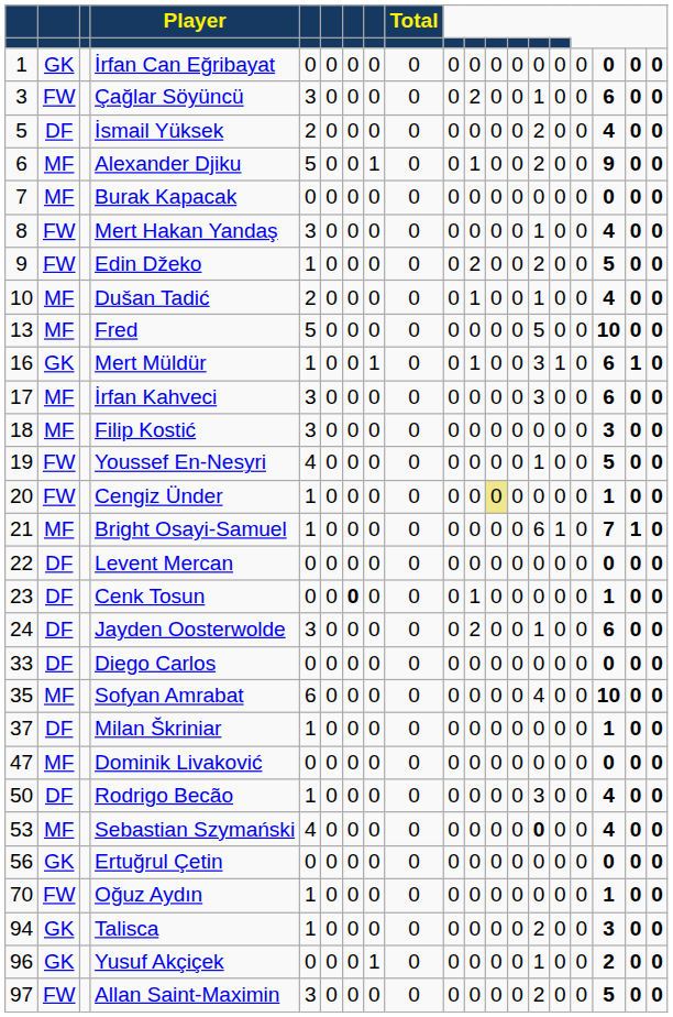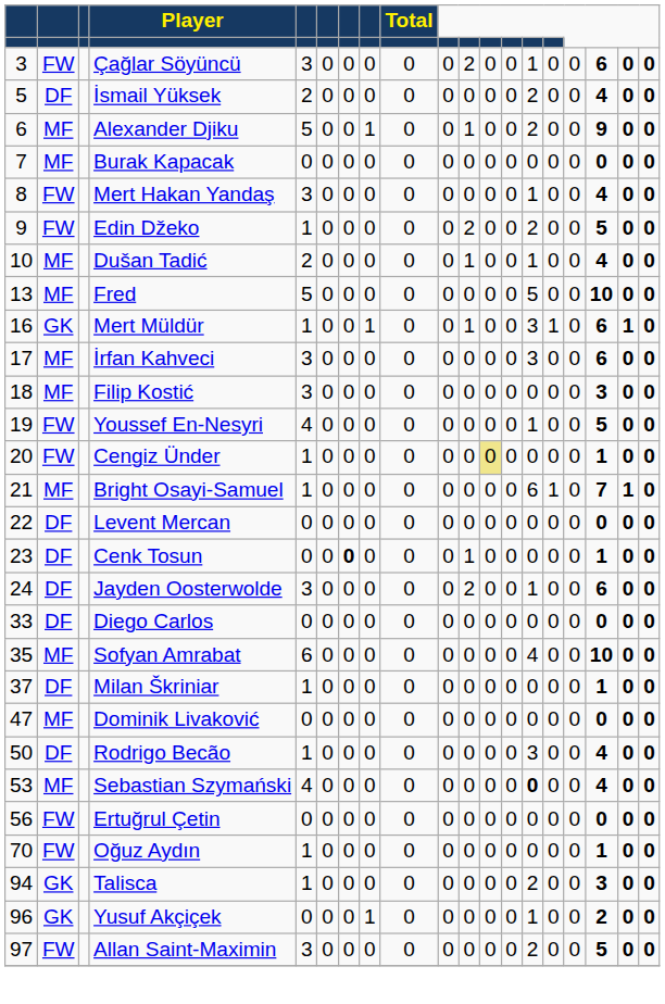 <table class="wikitable" style="text-align:center;">
 <tr>
 <th style="background:#163962; color:#FFF000; "></th>
 <th style="background:#163962; color:#FFF000; "></th>
 <th style="background:#163962; color:#FFF000; "></th>
 <th style="background:#163962; color:#FFF000; ">Player</th>
 <th style="background:#163962; color:#FFF000; "></th>
 <th style="background:#163962; color:#FFF000; "></th>
 <th style="background:#163962; color:#FFF000; "></th>
 <th style="background:#163962; color:#FFF000; "></th>
 <th style="background:#163962; color:#FFF000; ">Total</th>
 </tr>
 <tr>
 <th style="background:#163962; color:#FFF000; "></th>
 <th style="background:#163962; color:#FFF000; "></th>
 <th style="background:#163962; color:#FFF000; "></th>
 <th style="background:#163962; color:#FFF000; "></th>
 <th style="background:#163962; color:#FFF000; "></th>
 <th style="background:#163962; color:#FFF000; "></th>
 <th style="background:#163962; color:#FFF000; "></th>
 <th style="background:#163962; color:#FFF000; "></th>
 <th style="background:#163962; color:#FFF000; "></th>
 <th style="background:#163962; color:#FFF000; "></th>
 <th style="background:#163962; color:#FFF000; "></th>
 <th style="background:#163962; color:#FFF000; "></th>
 <th style="background:#163962; color:#FFF000; "></th>
 <th style="background:#163962; color:#FFF000; "></th>
 <th style="background:#163962; color:#FFF000; "></th>
-</tr>
-<tr>
-<td>1</td>
-<td><a href='#'>GK</a></td>
-<td></td>
-<td align=left><a href='#'>İrfan Can Eğribayat</a></td>
-<td>0</td>
-<td>0</td>
-<td>0</td>
-<td>0</td>
-<td>0</td>
-<td>0</td>
-<td>0</td>
-<td>0</td>
-<td>0</td>
-<td>0</td>
-<td>0</td>
-<td>0</td>
-<td><strong>0</strong></td>
-<td><strong>0</strong></td>
-<td><strong>0</strong></td>
 </tr>
 <tr>
 <td>3</td>
 <td><a href='#'>FW</a></td>
 <td></td>
 <td align=left><a href='#'>Çağlar Söyüncü</a></td>
 <td>3</td>
 <td>0</td>
 <td>0</td>
 <td>0</td>
 <td>0</td>
 <td>0</td>
 <td>2</td>
 <td>0</td>
 <td>0</td>
 <td>1</td>
 <td>0</td>
 <td>0</td>
 <td><strong>6</strong></td>
 <td><strong>0</strong></td>
 <td><strong>0</strong></td>
 </tr>
 <tr>
 <td>5</td>
 <td><a href='#'>DF</a></td>
 <td></td>
 <td align=left><a href='#'>İsmail Yüksek</a></td>
 <td>2</td>
 <td>0</td>
 <td>0</td>
 <td>0</td>
 <td>0</td>
 <td>0</td>
 <td>0</td>
 <td>0</td>
 <td>0</td>
 <td>2</td>
 <td>0</td>
 <td>0</td>
 <td><strong>4</strong></td>
 <td><strong>0</strong></td>
 <td><strong>0</strong></td>
 </tr>
 <tr>
 <td>6</td>
 <td><a href='#'>MF</a></td>
 <td></td>
 <td align=left><a href='#'>Alexander Djiku</a></td>
 <td>5</td>
 <td>0</td>
 <td>0</td>
 <td>1</td>
 <td>0</td>
 <td>0</td>
 <td>1</td>
 <td>0</td>
 <td>0</td>
 <td>2</td>
 <td>0</td>
 <td>0</td>
 <td><strong>9</strong></td>
 <td><strong>0</strong></td>
 <td><strong>0</strong></td>
 </tr>
 <tr>
 <td>7</td>
 <td><a href='#'>MF</a></td>
 <td></td>
 <td align=left><a href='#'>Burak Kapacak</a></td>
 <td>0</td>
 <td>0</td>
 <td>0</td>
 <td>0</td>
 <td>0</td>
 <td>0</td>
 <td>0</td>
 <td>0</td>
 <td>0</td>
 <td>0</td>
 <td>0</td>
 <td>0</td>
 <td><strong>0</strong></td>
 <td><strong>0</strong></td>
 <td><strong>0</strong></td>
 </tr>
 <tr>
 <td>8</td>
 <td><a href='#'>FW</a></td>
 <td></td>
 <td align=left><a href='#'>Mert Hakan Yandaş</a></td>
 <td>3</td>
 <td>0</td>
 <td>0</td>
 <td>0</td>
 <td>0</td>
 <td>0</td>
 <td>0</td>
 <td>0</td>
 <td>0</td>
 <td>1</td>
 <td>0</td>
 <td>0</td>
 <td><strong>4</strong></td>
 <td><strong>0</strong></td>
 <td><strong>0</strong></td>
 </tr>
 <tr>
 <td>9</td>
 <td><a href='#'>FW</a></td>
 <td></td>
 <td align=left><a href='#'>Edin Džeko</a></td>
 <td>1</td>
 <td>0</td>
 <td>0</td>
 <td>0</td>
 <td>0</td>
 <td>0</td>
 <td>2</td>
 <td>0</td>
 <td>0</td>
 <td>2</td>
 <td>0</td>
 <td>0</td>
 <td><strong>5</strong></td>
 <td><strong>0</strong></td>
 <td><strong>0</strong></td>
 </tr>
 <tr>
 <td>10</td>
 <td><a href='#'>MF</a></td>
 <td></td>
 <td align=left><a href='#'>Dušan Tadić</a></td>
 <td>2</td>
 <td>0</td>
 <td>0</td>
 <td>0</td>
 <td>0</td>
 <td>0</td>
 <td>1</td>
 <td>0</td>
 <td>0</td>
 <td>1</td>
 <td>0</td>
 <td>0</td>
 <td><strong>4</strong></td>
 <td><strong>0</strong></td>
 <td><strong>0</strong></td>
 </tr>
 <tr>
 <td>13</td>
 <td><a href='#'>MF</a></td>
 <td></td>
 <td align=left><a href='#'>Fred</a></td>
 <td>5</td>
 <td>0</td>
 <td>0</td>
 <td>0</td>
 <td>0</td>
 <td>0</td>
 <td>0</td>
 <td>0</td>
 <td>0</td>
 <td>5</td>
 <td>0</td>
 <td>0</td>
 <td><strong>10</strong></td>
 <td><strong>0</strong></td>
 <td><strong>0</strong></td>
 </tr>
 <tr>
 <td>16</td>
 <td><a href='#'>GK</a></td>
 <td></td>
 <td align=left><a href='#'>Mert Müldür</a></td>
 <td>1</td>
 <td>0</td>
 <td>0</td>
 <td>1</td>
 <td>0</td>
 <td>0</td>
 <td>1</td>
 <td>0</td>
 <td>0</td>
 <td>3</td>
 <td>1</td>
 <td>0</td>
 <td><strong>6</strong></td>
 <td><strong>1</strong></td>
 <td><strong>0</strong></td>
 </tr>
 <tr>
 <td>17</td>
 <td><a href='#'>MF</a></td>
 <td></td>
 <td align=left><a href='#'>İrfan Kahveci</a></td>
 <td>3</td>
 <td>0</td>
 <td>0</td>
 <td>0</td>
 <td>0</td>
 <td>0</td>
 <td>0</td>
 <td>0</td>
 <td>0</td>
 <td>3</td>
 <td>0</td>
 <td>0</td>
 <td><strong>6</strong></td>
 <td><strong>0</strong></td>
 <td><strong>0</strong></td>
 </tr>
 <tr>
 <td>18</td>
 <td><a href='#'>MF</a></td>
 <td></td>
 <td align=left><a href='#'>Filip Kostić</a></td>
 <td>3</td>
 <td>0</td>
 <td>0</td>
 <td>0</td>
 <td>0</td>
 <td>0</td>
 <td>0</td>
 <td>0</td>
 <td>0</td>
 <td>0</td>
 <td>0</td>
 <td>0</td>
 <td><strong>3</strong></td>
 <td><strong>0</strong></td>
 <td><strong>0</strong></td>
 </tr>
 <tr>
 <td>19</td>
 <td><a href='#'>FW</a></td>
 <td></td>
 <td align=left><a href='#'>Youssef En-Nesyri</a></td>
 <td>4</td>
 <td>0</td>
 <td>0</td>
 <td>0</td>
 <td>0</td>
 <td>0</td>
 <td>0</td>
 <td>0</td>
 <td>0</td>
 <td>1</td>
 <td>0</td>
 <td>0</td>
 <td><strong>5</strong></td>
 <td><strong>0</strong></td>
 <td><strong>0</strong></td>
 </tr>
 <tr>
 <td>20</td>
 <td><a href='#'>FW</a></td>
 <td></td>
 <td align=left><a href='#'>Cengiz Ünder</a></td>
 <td>1</td>
 <td>0</td>
 <td>0</td>
 <td>0</td>
 <td>0</td>
 <td>0</td>
 <td>0</td>
 <td style="background: khaki;">0</td>
 <td>0</td>
 <td>0</td>
 <td>0</td>
 <td>0</td>
 <td><strong>1</strong></td>
 <td><strong>0</strong></td>
 <td><strong>0</strong></td>
 </tr>
 <tr>
 <td>21</td>
 <td><a href='#'>MF</a></td>
 <td></td>
 <td align=left><a href='#'>Bright Osayi-Samuel</a></td>
 <td>1</td>
 <td>0</td>
 <td>0</td>
 <td>0</td>
 <td>0</td>
 <td>0</td>
 <td>0</td>
 <td>0</td>
 <td>0</td>
 <td>6</td>
 <td>1</td>
 <td>0</td>
 <td><strong>7</strong></td>
 <td><strong>1</strong></td>
 <td><strong>0</strong></td>
 </tr>
 <tr>
 <td>22</td>
 <td><a href='#'>DF</a></td>
 <td></td>
 <td align=left><a href='#'>Levent Mercan</a></td>
 <td>0</td>
 <td>0</td>
 <td>0</td>
 <td>0</td>
 <td>0</td>
 <td>0</td>
 <td>0</td>
 <td>0</td>
 <td>0</td>
 <td>0</td>
 <td>0</td>
 <td>0</td>
 <td><strong>0</strong></td>
 <td><strong>0</strong></td>
 <td><strong>0</strong></td>
 </tr>
 <tr>
 <td>23</td>
 <td><a href='#'>DF</a></td>
 <td></td>
 <td align=left><a href='#'>Cenk Tosun</a></td>
 <td>0</td>
 <td>0</td>
 <td><strong>0</strong></td>
 <td>0</td>
 <td>0</td>
 <td>0</td>
 <td>1</td>
 <td>0</td>
 <td>0</td>
 <td>0</td>
 <td>0</td>
 <td>0</td>
 <td><strong>1</strong></td>
 <td><strong>0</strong></td>
 <td><strong>0</strong></td>
 </tr>
 <tr>
 <td>24</td>
 <td><a href='#'>DF</a></td>
 <td></td>
 <td align=left><a href='#'>Jayden Oosterwolde</a></td>
 <td>3</td>
 <td>0</td>
 <td>0</td>
 <td>0</td>
 <td>0</td>
 <td>0</td>
 <td>2</td>
 <td>0</td>
 <td>0</td>
 <td>1</td>
 <td>0</td>
 <td>0</td>
 <td><strong>6</strong></td>
 <td><strong>0</strong></td>
 <td><strong>0</strong></td>
 </tr>
 <tr>
 <td>33</td>
 <td><a href='#'>DF</a></td>
 <td></td>
 <td align=left><a href='#'>Diego Carlos</a></td>
 <td>0</td>
 <td>0</td>
 <td>0</td>
 <td>0</td>
 <td>0</td>
 <td>0</td>
 <td>0</td>
 <td>0</td>
 <td>0</td>
 <td>0</td>
 <td>0</td>
 <td>0</td>
 <td><strong>0</strong></td>
 <td><strong>0</strong></td>
 <td><strong>0</strong></td>
 </tr>
 <tr>
 <td>35</td>
 <td><a href='#'>MF</a></td>
 <td></td>
 <td align=left><a href='#'>Sofyan Amrabat</a></td>
 <td>6</td>
 <td>0</td>
 <td>0</td>
 <td>0</td>
 <td>0</td>
 <td>0</td>
 <td>0</td>
 <td>0</td>
 <td>0</td>
 <td>4</td>
 <td>0</td>
 <td>0</td>
 <td><strong>10</strong></td>
 <td><strong>0</strong></td>
 <td><strong>0</strong></td>
 </tr>
 <tr>
 <td>37</td>
 <td><a href='#'>DF</a></td>
 <td></td>
 <td align=left><a href='#'>Milan Škriniar</a></td>
 <td>1</td>
 <td>0</td>
 <td>0</td>
 <td>0</td>
 <td>0</td>
 <td>0</td>
 <td>0</td>
 <td>0</td>
 <td>0</td>
 <td>0</td>
 <td>0</td>
 <td>0</td>
 <td><strong>1</strong></td>
 <td><strong>0</strong></td>
 <td><strong>0</strong></td>
 </tr>
 <tr>
 <td>47</td>
 <td><a href='#'>MF</a></td>
 <td></td>
 <td align=left><a href='#'>Dominik Livaković</a></td>
 <td>0</td>
 <td>0</td>
 <td>0</td>
 <td>0</td>
 <td>0</td>
 <td>0</td>
 <td>0</td>
 <td>0</td>
 <td>0</td>
 <td>0</td>
 <td>0</td>
 <td>0</td>
 <td><strong>0</strong></td>
 <td><strong>0</strong></td>
 <td><strong>0</strong></td>
 </tr>
 <tr>
 <td>50</td>
 <td><a href='#'>DF</a></td>
 <td></td>
 <td align=left><a href='#'>Rodrigo Becão</a></td>
 <td>1</td>
 <td>0</td>
 <td>0</td>
 <td>0</td>
 <td>0</td>
 <td>0</td>
 <td>0</td>
 <td>0</td>
 <td>0</td>
 <td>3</td>
 <td>0</td>
 <td>0</td>
 <td><strong>4</strong></td>
 <td><strong>0</strong></td>
 <td><strong>0</strong></td>
 </tr>
 <tr>
 <td>53</td>
 <td><a href='#'>MF</a></td>
 <td></td>
 <td align=left><a href='#'>Sebastian Szymański</a></td>
 <td>4</td>
 <td>0</td>
 <td>0</td>
 <td>0</td>
 <td>0</td>
 <td>0</td>
 <td>0</td>
 <td>0</td>
 <td>0</td>
 <td><strong>0</strong></td>
 <td>0</td>
 <td>0</td>
 <td><strong>4</strong></td>
 <td><strong>0</strong></td>
 <td><strong>0</strong></td>
 </tr>
 <tr>
 <td>56</td>
-<td><a href='#'>GK</a></td>
+<td><a href='#'>FW</a></td>
 <td></td>
 <td align=left><a href='#'>Ertuğrul Çetin</a></td>
 <td>0</td>
 <td>0</td>
 <td>0</td>
 <td>0</td>
 <td>0</td>
 <td>0</td>
 <td>0</td>
 <td>0</td>
 <td>0</td>
 <td>0</td>
 <td>0</td>
 <td>0</td>
 <td><strong>0</strong></td>
 <td><strong>0</strong></td>
 <td><strong>0</strong></td>
 </tr>
 <tr>
 <td>70</td>
 <td><a href='#'>FW</a></td>
 <td></td>
 <td align=left><a href='#'>Oğuz Aydın</a></td>
 <td>1</td>
 <td>0</td>
 <td>0</td>
 <td>0</td>
 <td>0</td>
 <td>0</td>
 <td>0</td>
 <td>0</td>
 <td>0</td>
 <td>0</td>
 <td>0</td>
 <td>0</td>
 <td><strong>1</strong></td>
 <td><strong>0</strong></td>
 <td><strong>0</strong></td>
 </tr>
 <tr>
 <td>94</td>
 <td><a href='#'>GK</a></td>
 <td></td>
 <td align=left><a href='#'>Talisca</a></td>
 <td>1</td>
 <td>0</td>
 <td>0</td>
 <td>0</td>
 <td>0</td>
 <td>0</td>
 <td>0</td>
 <td>0</td>
 <td>0</td>
 <td>2</td>
 <td>0</td>
 <td>0</td>
 <td><strong>3</strong></td>
 <td><strong>0</strong></td>
 <td><strong>0</strong></td>
 </tr>
 <tr>
 <td>96</td>
 <td><a href='#'>GK</a></td>
 <td></td>
 <td align=left><a href='#'>Yusuf Akçiçek</a></td>
 <td>0</td>
 <td>0</td>
 <td>0</td>
 <td>1</td>
 <td>0</td>
 <td>0</td>
 <td>0</td>
 <td>0</td>
 <td>0</td>
 <td>1</td>
 <td>0</td>
 <td>0</td>
 <td><strong>2</strong></td>
 <td><strong>0</strong></td>
 <td><strong>0</strong></td>
 </tr>
 <tr>
 <td>97</td>
 <td><a href='#'>FW</a></td>
 <td></td>
 <td align=left><a href='#'>Allan Saint-Maximin</a></td>
 <td>3</td>
 <td>0</td>
 <td>0</td>
 <td>0</td>
 <td>0</td>
 <td>0</td>
 <td>0</td>
 <td>0</td>
 <td>0</td>
 <td>2</td>
 <td>0</td>
 <td>0</td>
 <td><strong>5</strong></td>
 <td><strong>0</strong></td>
 <td><strong>0</strong></td>
 </tr>
 <tr>
 </tr>
 </table>
